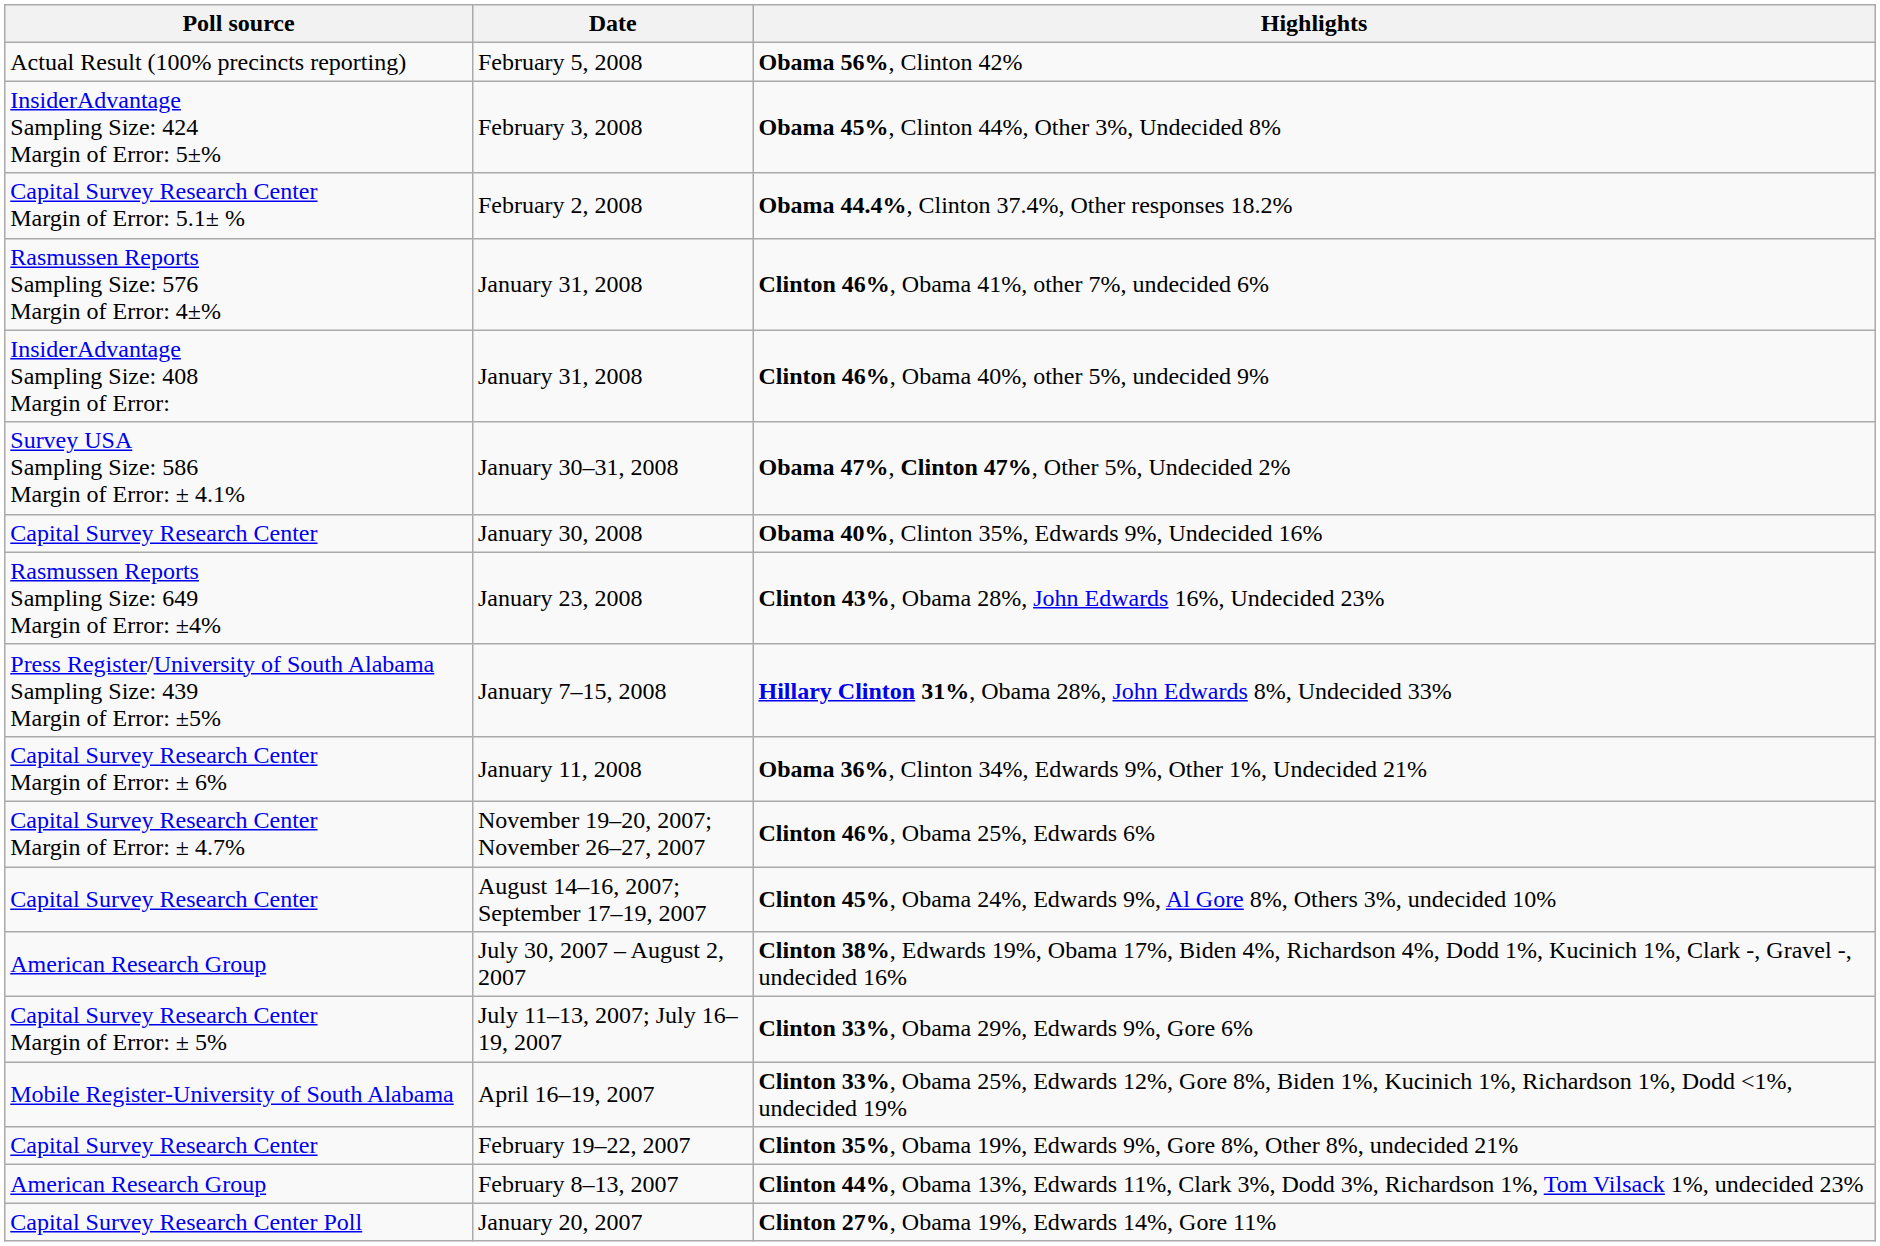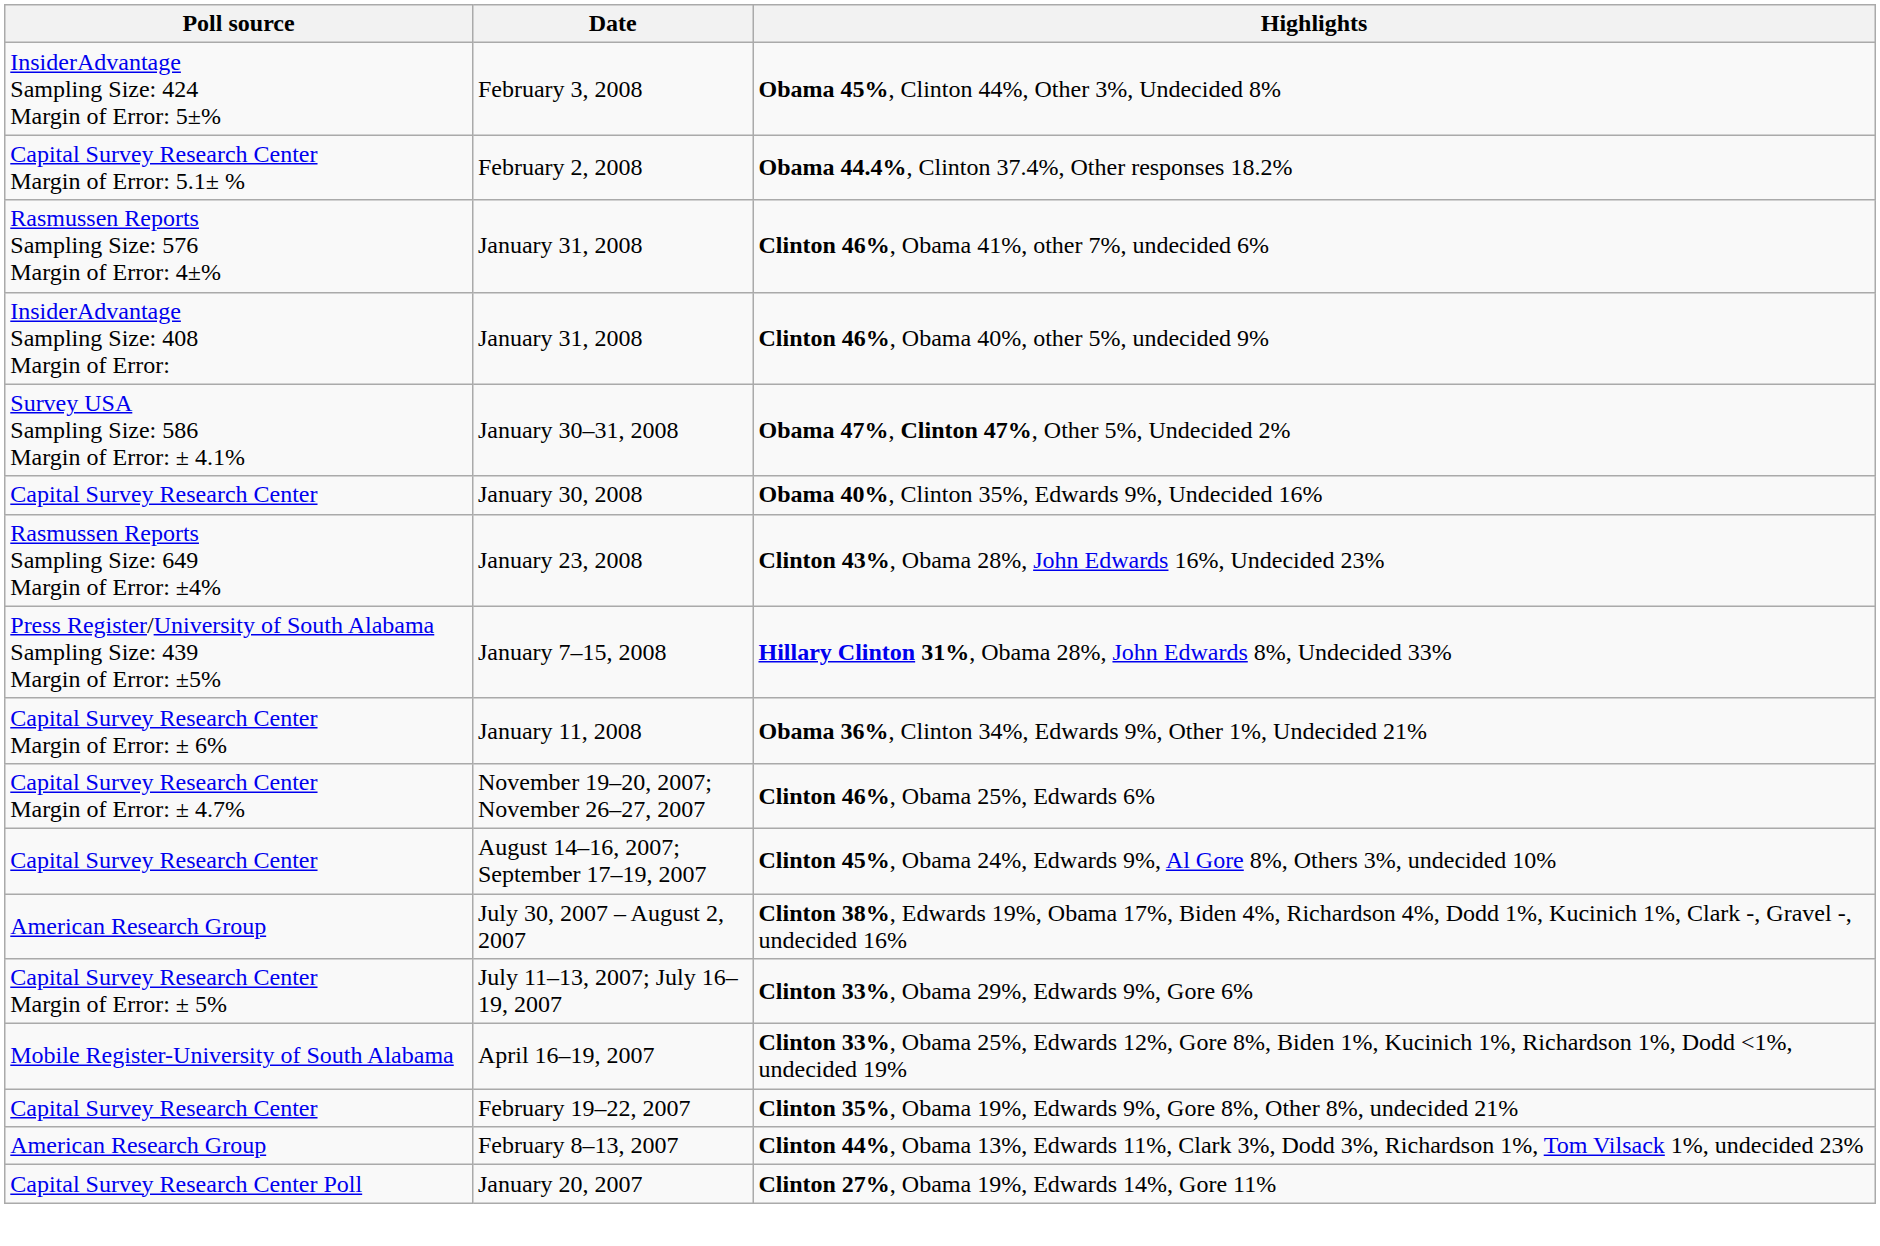 <table class="wikitable sortable">
 <tr>
 <th width="25%">Poll source</th>
 <th width="15%">Date</th>
 <th width="60%">Highlights</th>
-</tr>
-<tr>
-<td>Actual Result (100% precincts reporting)</td>
-<td>February 5, 2008</td>
-<td><strong>Obama 56%</strong>, Clinton 42%</td>
 </tr>
 <tr>
 <td><a href='#'>InsiderAdvantage</a><br>Sampling Size: 424<br> Margin of Error: 5±%</td>
 <td>February 3, 2008</td>
 <td><strong>Obama 45%</strong>, Clinton 44%, Other 3%, Undecided 8%</td>
 </tr>
 <tr>
 <td><a href='#'>Capital Survey Research Center</a><br>Margin of Error: 5.1± %</td>
 <td>February 2, 2008</td>
 <td><strong>Obama 44.4%</strong>, Clinton 37.4%, Other responses 18.2%</td>
 </tr>
 <tr>
 <td><a href='#'>Rasmussen Reports</a><br>Sampling Size: 576<br> Margin of Error: 4±%</td>
 <td>January 31, 2008</td>
 <td><strong>Clinton 46%</strong>, Obama 41%, other 7%, undecided 6%</td>
 </tr>
 <tr>
 <td><a href='#'>InsiderAdvantage</a><br>Sampling Size: 408<br> Margin of Error:</td>
 <td>January 31, 2008</td>
 <td><strong>Clinton 46%</strong>, Obama 40%, other 5%, undecided 9%</td>
 </tr>
 <tr>
 <td><a href='#'>Survey USA</a><br>Sampling Size: 586<br> Margin of Error: ± 4.1%</td>
 <td>January 30–31, 2008</td>
 <td><strong>Obama 47%</strong>, <strong>Clinton 47%</strong>, Other 5%, Undecided 2%</td>
 </tr>
 <tr>
 <td><a href='#'>Capital Survey Research Center</a></td>
 <td>January 30, 2008</td>
 <td><strong>Obama 40%</strong>, Clinton 35%, Edwards 9%, Undecided 16%</td>
 </tr>
 <tr>
 <td><a href='#'>Rasmussen Reports</a><br>Sampling Size: 649<br> Margin of Error: ±4%</td>
 <td>January 23, 2008</td>
 <td><strong>Clinton 43%</strong>, Obama 28%, <a href='#'>John Edwards</a> 16%, Undecided 23%</td>
 </tr>
 <tr>
 <td><a href='#'>Press Register</a>/<a href='#'>University of South Alabama</a><br>Sampling Size: 439<br> Margin of Error: ±5%</td>
 <td>January 7–15, 2008</td>
 <td><strong><a href='#'>Hillary Clinton</a> 31%</strong>, Obama 28%, <a href='#'>John Edwards</a> 8%, Undecided 33%</td>
 </tr>
 <tr>
 <td><a href='#'>Capital Survey Research Center</a><br>Margin of Error: ± 6%</td>
 <td>January 11, 2008</td>
 <td><strong>Obama 36%</strong>, Clinton 34%, Edwards 9%, Other 1%, Undecided 21%</td>
 </tr>
 <tr>
 <td><a href='#'>Capital Survey Research Center</a><br>Margin of Error: ± 4.7%</td>
 <td>November 19–20, 2007; November 26–27, 2007</td>
 <td><strong>Clinton 46%</strong>, Obama 25%, Edwards 6%</td>
 </tr>
 <tr>
 <td><a href='#'>Capital Survey Research Center</a></td>
 <td>August 14–16, 2007; September 17–19, 2007</td>
 <td><strong>Clinton 45%</strong>, Obama 24%, Edwards 9%, <a href='#'>Al Gore</a> 8%, Others 3%, undecided 10%</td>
 </tr>
 <tr>
 <td><a href='#'>American Research Group</a></td>
 <td>July 30, 2007 – August 2, 2007</td>
 <td><strong>Clinton 38%</strong>, Edwards 19%, Obama 17%, Biden 4%, Richardson 4%, Dodd 1%, Kucinich 1%, Clark -, Gravel -, undecided 16%</td>
 </tr>
 <tr>
 <td><a href='#'>Capital Survey Research Center</a><br>Margin of Error: ± 5%</td>
 <td>July 11–13, 2007; July 16–19, 2007</td>
 <td><strong>Clinton 33%</strong>, Obama 29%, Edwards 9%, Gore 6%</td>
 </tr>
 <tr>
 <td><a href='#'>Mobile Register-University of South Alabama</a></td>
 <td>April 16–19, 2007</td>
 <td><strong>Clinton 33%</strong>, Obama 25%, Edwards 12%, Gore 8%, Biden 1%, Kucinich 1%, Richardson 1%, Dodd <1%, undecided 19%</td>
 </tr>
 <tr>
 <td><a href='#'>Capital Survey Research Center</a></td>
 <td>February 19–22, 2007</td>
 <td><strong>Clinton 35%</strong>, Obama 19%, Edwards 9%, Gore 8%, Other 8%, undecided 21%</td>
 </tr>
 <tr>
 <td><a href='#'>American Research Group</a></td>
 <td>February 8–13, 2007</td>
 <td><strong>Clinton 44%</strong>, Obama 13%, Edwards 11%, Clark 3%, Dodd 3%, Richardson 1%, <a href='#'>Tom Vilsack</a> 1%, undecided 23%</td>
 </tr>
 <tr>
 <td><a href='#'>Capital Survey Research Center Poll</a></td>
 <td>January 20, 2007</td>
 <td><strong>Clinton 27%</strong>, Obama 19%, Edwards 14%, Gore 11%</td>
 </tr>
 </table>
